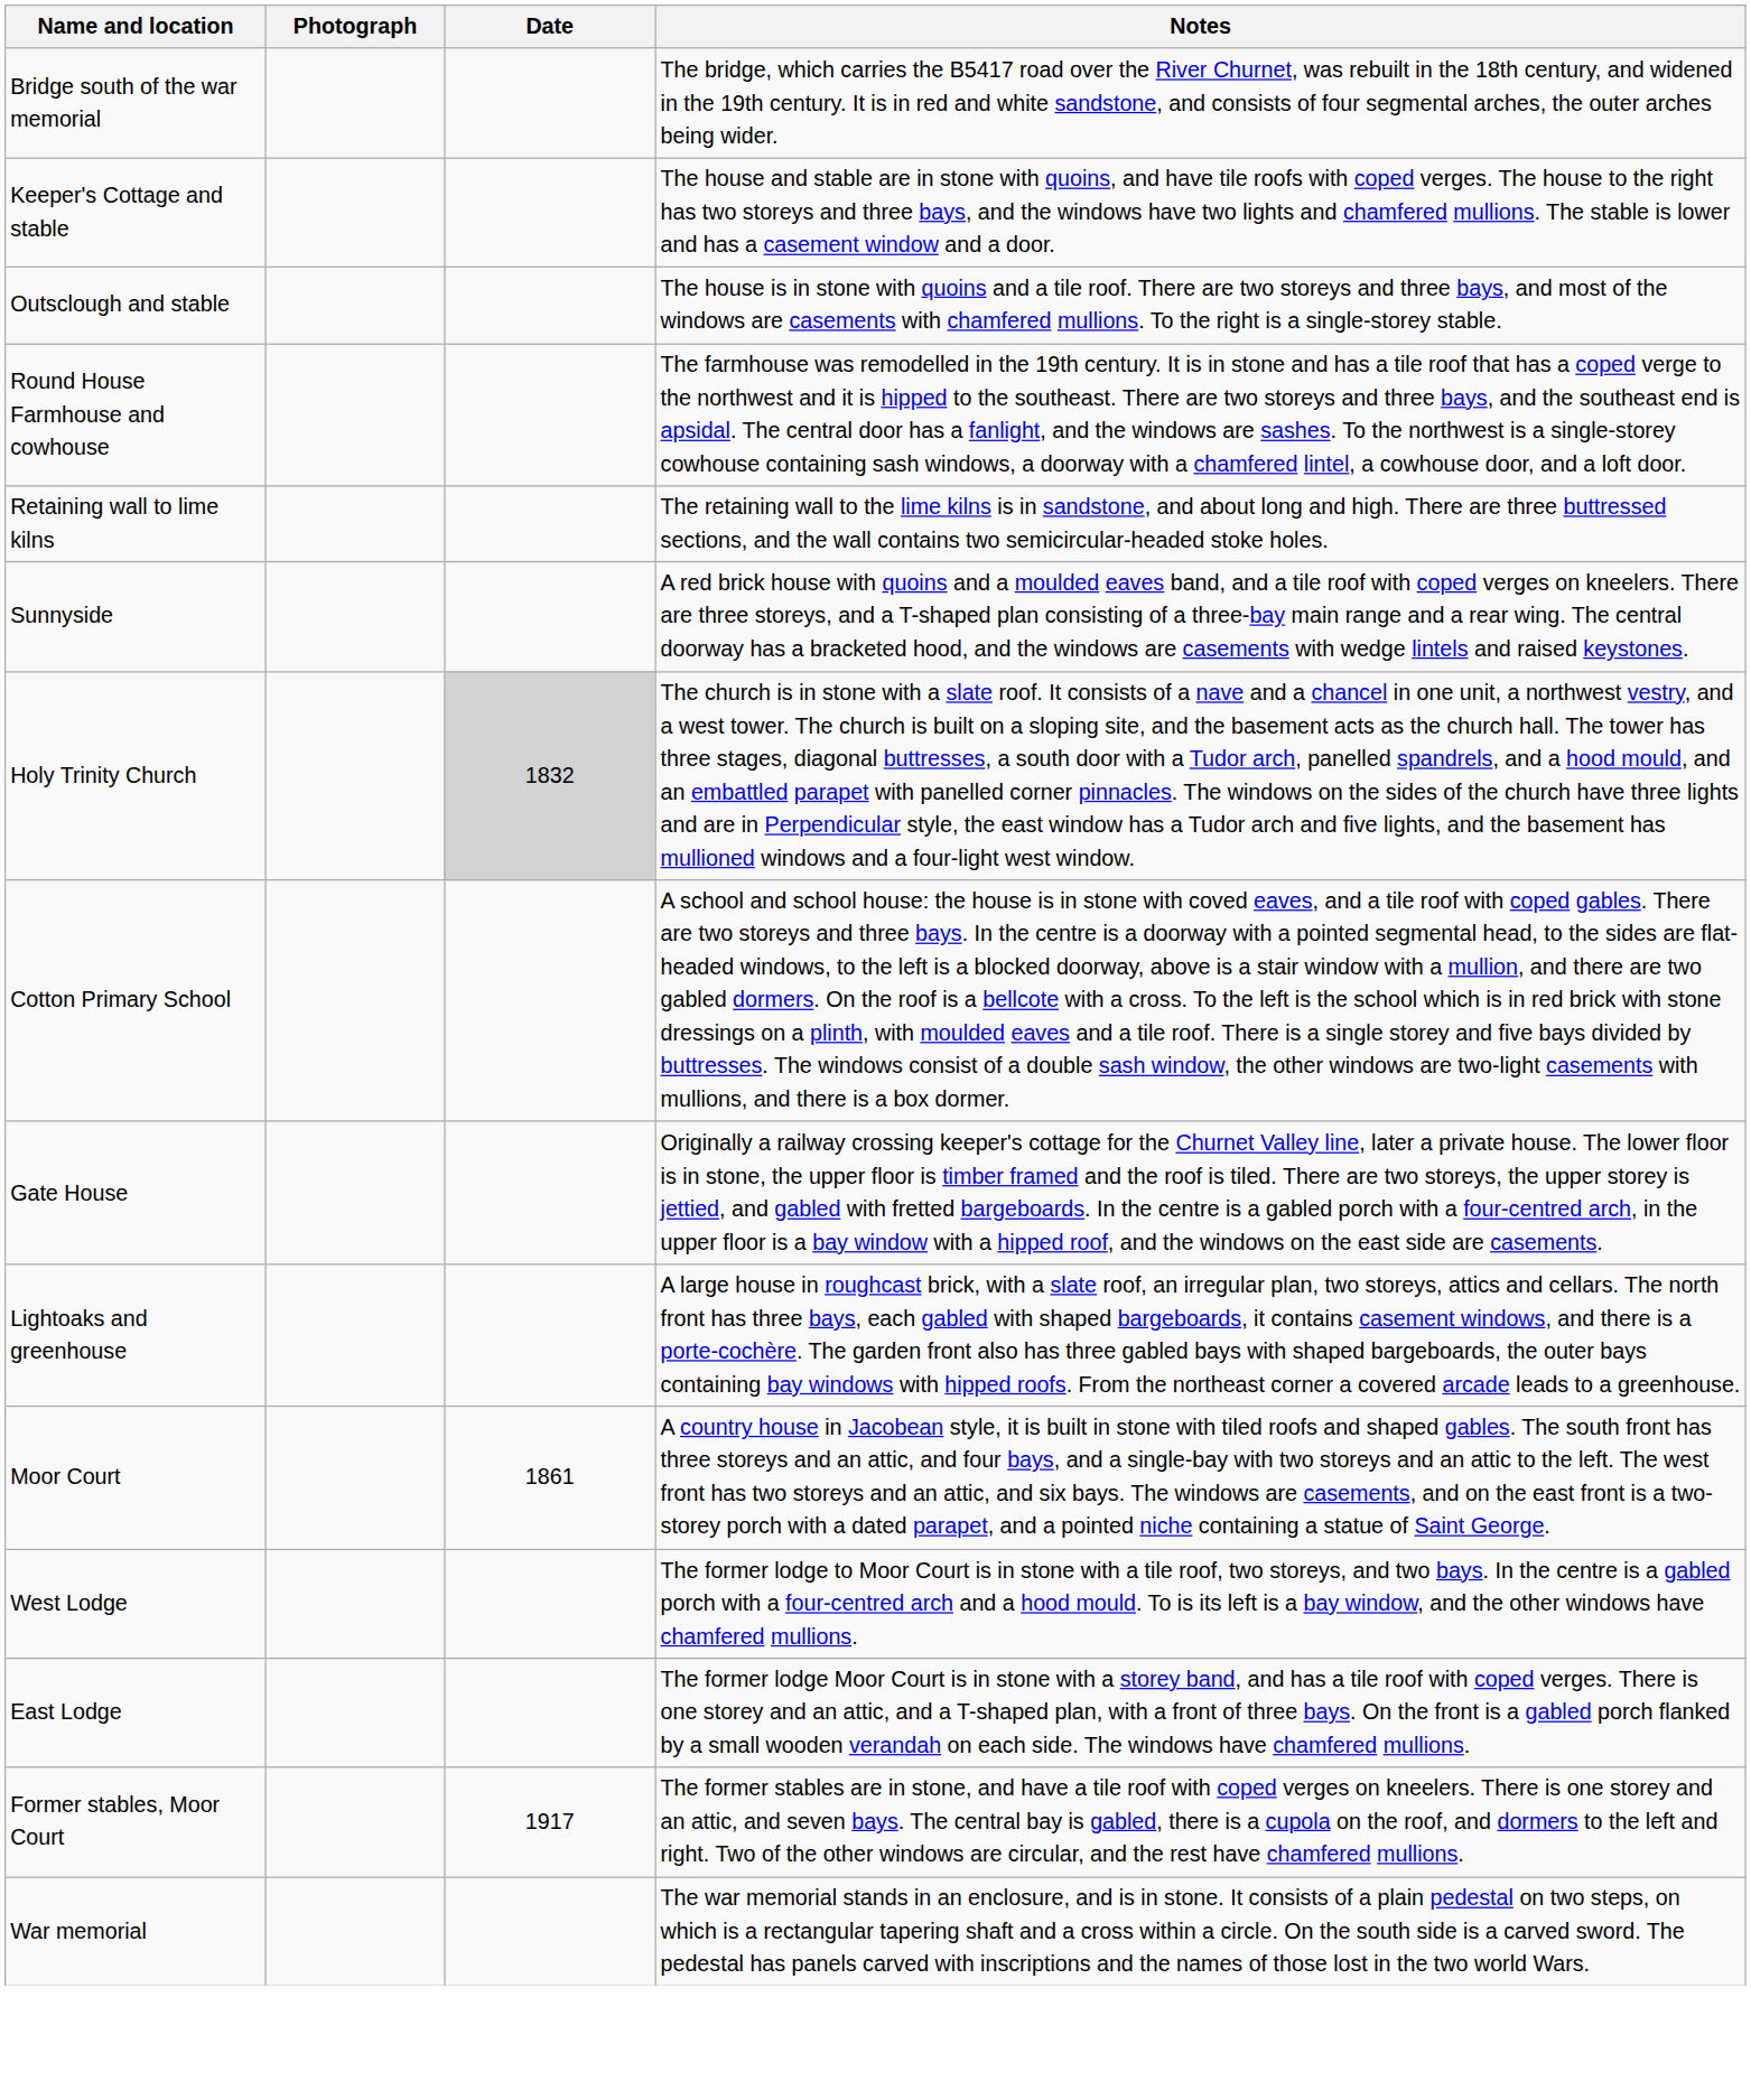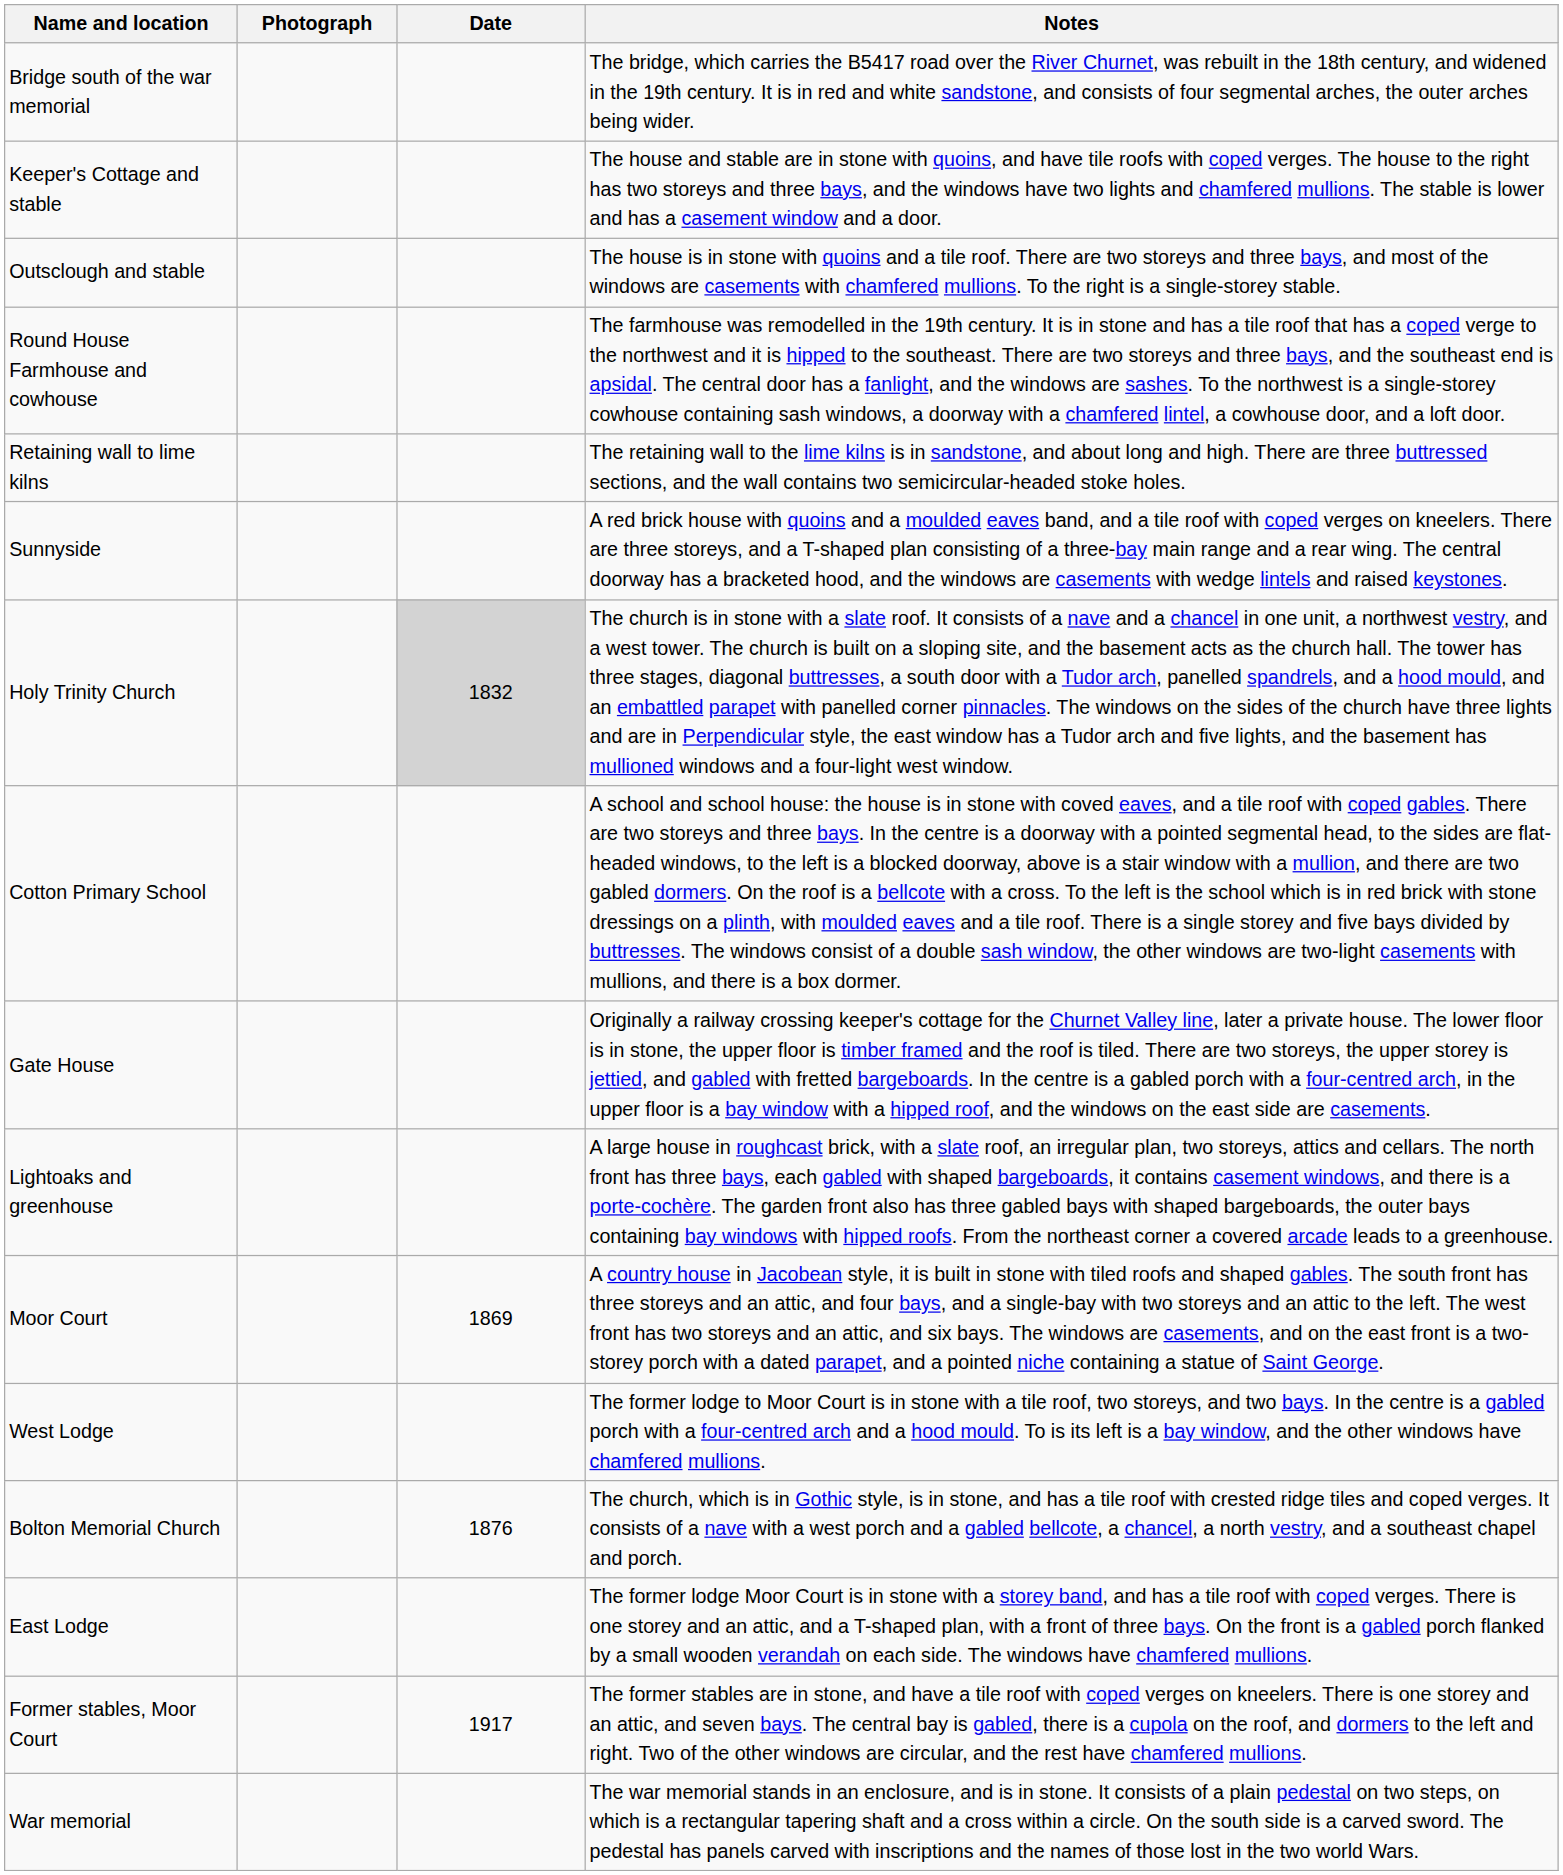 <table class="wikitable sortable plainrowheaders" style="width:100%;border:0px;text-align:left;line-height:150%;">
 <tr>
 <th scope="col"  style="width:150px">Name and location</th>
 <th scope="col"  style="width:100px" class="unsortable">Photograph</th>
 <th scope="col"  style="width:120px">Date</th>
 <th scope="col"  style="width:650px" class="unsortable">Notes</th>
 </tr>
 <tr>
 <td>Bridge south of the war memorial<br><small></small></td>
 <td></td>
 <td align="center"></td>
 <td>The bridge, which carries the B5417 road over the <a href='#'>River Churnet</a>, was rebuilt in the 18th century, and widened in the 19th century.  It is in red and white <a href='#'>sandstone</a>, and consists of four segmental arches, the outer arches being wider.</td>
 </tr>
 <tr>
 <td>Keeper's Cottage and stable<br><small></small></td>
 <td></td>
 <td align="center"></td>
 <td>The house and stable are in stone with <a href='#'>quoins</a>, and have tile roofs with <a href='#'>coped</a> verges.  The house to the right has two storeys and three <a href='#'>bays</a>, and the windows have two lights and <a href='#'>chamfered</a> <a href='#'>mullions</a>.  The stable is lower and has a <a href='#'>casement window</a> and a door.</td>
 </tr>
 <tr>
 <td>Outsclough and stable<br><small></small></td>
 <td></td>
 <td align="center"></td>
 <td>The house is in stone with <a href='#'>quoins</a> and a tile roof.  There are two storeys and three <a href='#'>bays</a>, and most of the windows are <a href='#'>casements</a> with <a href='#'>chamfered</a> <a href='#'>mullions</a>.  To the right is a single-storey stable.</td>
 </tr>
 <tr>
 <td>Round House Farmhouse and cowhouse<br><small></small></td>
 <td></td>
 <td align="center"></td>
 <td>The farmhouse was remodelled in the 19th century.  It is in stone and has a tile roof that has a <a href='#'>coped</a> verge to the northwest and it is <a href='#'>hipped</a> to the southeast.  There are two storeys and three <a href='#'>bays</a>, and the southeast end is <a href='#'>apsidal</a>.  The central door has a <a href='#'>fanlight</a>, and the windows are <a href='#'>sashes</a>.  To the northwest is a single-storey cowhouse containing sash windows, a doorway with a <a href='#'>chamfered</a> <a href='#'>lintel</a>, a cowhouse door, and a loft door.</td>
 </tr>
 <tr>
 <td>Retaining wall to lime kilns<br><small></small></td>
 <td></td>
 <td align="center"></td>
 <td>The retaining wall to the <a href='#'>lime kilns</a> is in <a href='#'>sandstone</a>, and about  long and  high.  There are three <a href='#'>buttressed</a> sections, and the wall contains two semicircular-headed stoke holes.</td>
 </tr>
 <tr>
 <td>Sunnyside<br><small></small></td>
 <td></td>
 <td align="center"></td>
 <td>A red brick house with <a href='#'>quoins</a> and a <a href='#'>moulded</a> <a href='#'>eaves</a> band, and a tile roof with <a href='#'>coped</a> verges on kneelers.  There are three storeys, and a T-shaped plan consisting of a three-<a href='#'>bay</a> main range and a rear wing.  The central doorway has a bracketed hood, and the windows are <a href='#'>casements</a> with wedge <a href='#'>lintels</a> and raised <a href='#'>keystones</a>.</td>
 </tr>
 <tr>
 <td>Holy Trinity Church<br><small></small></td>
 <td></td>
 <td align="center" style="background: lightgrey;">1832</td>
 <td>The church is in stone with a <a href='#'>slate</a> roof.  It consists of a <a href='#'>nave</a> and a <a href='#'>chancel</a> in one unit, a northwest <a href='#'>vestry</a>, and a west tower.  The church is built on a sloping site, and the basement acts as the church hall.  The tower has three stages, diagonal <a href='#'>buttresses</a>, a south door with a <a href='#'>Tudor arch</a>, panelled <a href='#'>spandrels</a>, and a <a href='#'>hood mould</a>, and an <a href='#'>embattled</a> <a href='#'>parapet</a> with panelled corner <a href='#'>pinnacles</a>.  The windows on the sides of the church have three lights and are in <a href='#'>Perpendicular</a> style, the east window has a Tudor arch and five lights, and the basement has <a href='#'>mullioned</a> windows and a four-light west window.</td>
 </tr>
 <tr>
 <td>Cotton Primary School<br><small></small></td>
 <td></td>
 <td align="center"></td>
 <td>A school and school house: the house is in stone with coved <a href='#'>eaves</a>, and a tile roof with <a href='#'>coped</a> <a href='#'>gables</a>.  There are two storeys and three <a href='#'>bays</a>.  In the centre is a doorway with a pointed segmental head, to the sides are flat-headed windows, to the left is a blocked doorway, above is a stair window with a <a href='#'>mullion</a>, and there are two gabled <a href='#'>dormers</a>.  On the roof is a <a href='#'>bellcote</a> with a cross.  To the left is the school which is in red brick with stone dressings on a <a href='#'>plinth</a>, with <a href='#'>moulded</a> <a href='#'>eaves</a> and a tile roof.  There is a single storey and five bays divided by <a href='#'>buttresses</a>.  The windows consist of a double <a href='#'>sash window</a>, the other windows are two-light <a href='#'>casements</a> with mullions, and there is a box dormer.</td>
 </tr>
 <tr>
 <td>Gate House<br><small></small></td>
 <td></td>
 <td align="center"></td>
 <td>Originally a railway crossing keeper's cottage for the <a href='#'>Churnet Valley line</a>, later a private house.  The lower floor is in stone, the upper floor is <a href='#'>timber framed</a> and the roof is tiled.  There are two storeys, the upper storey is <a href='#'>jettied</a>, and <a href='#'>gabled</a> with fretted <a href='#'>bargeboards</a>.  In the centre is a gabled porch with a <a href='#'>four-centred arch</a>, in the upper floor is a <a href='#'>bay window</a> with a <a href='#'>hipped roof</a>, and the windows on the east side are <a href='#'>casements</a>.</td>
 </tr>
 <tr>
 <td>Lightoaks and greenhouse<br><small></small></td>
 <td></td>
 <td align="center"></td>
 <td>A large house in <a href='#'>roughcast</a> brick, with a <a href='#'>slate</a> roof, an irregular plan, two storeys, attics and cellars.  The north front has three <a href='#'>bays</a>, each <a href='#'>gabled</a> with shaped <a href='#'>bargeboards</a>, it contains <a href='#'>casement windows</a>, and there is a <a href='#'>porte-cochère</a>.  The garden front also has three gabled bays with shaped bargeboards, the outer bays containing <a href='#'>bay windows</a> with <a href='#'>hipped roofs</a>.  From the northeast corner a covered <a href='#'>arcade</a> leads to a greenhouse.</td>
 </tr>
 <tr>
 <td>Moor Court<br><small></small></td>
 <td></td>
-<td align="center">1861</td>
+<td align="center">1869</td>
 <td>A <a href='#'>country house</a> in <a href='#'>Jacobean</a> style, it is built in stone with tiled roofs and shaped <a href='#'>gables</a>.  The south front has three storeys and an attic, and four <a href='#'>bays</a>, and a single-bay with two storeys and an attic to the left.  The west front has two storeys and an attic, and six bays.  The windows are <a href='#'>casements</a>, and on the east front is a two-storey porch with a dated <a href='#'>parapet</a>, and a pointed <a href='#'>niche</a> containing a statue of <a href='#'>Saint George</a>.</td>
 </tr>
 <tr>
 <td>West Lodge<br><small></small></td>
 <td></td>
 <td align="center"></td>
 <td>The former lodge to Moor Court is in stone with a tile roof, two storeys, and two <a href='#'>bays</a>.  In the centre is a <a href='#'>gabled</a> porch with a <a href='#'>four-centred arch</a> and a <a href='#'>hood mould</a>.  To is its left is a <a href='#'>bay window</a>, and the other windows have <a href='#'>chamfered</a> <a href='#'>mullions</a>.</td>
+</tr>
+<tr>
+<td>Bolton Memorial Church<br><small></small></td>
+<td></td>
+<td align="center">1876</td>
+<td>The church, which is in <a href='#'>Gothic</a> style, is in stone, and has a tile roof with crested ridge tiles and coped verges.  It consists of a <a href='#'>nave</a> with a west porch and a <a href='#'>gabled</a> <a href='#'>bellcote</a>, a <a href='#'>chancel</a>, a north <a href='#'>vestry</a>, and a southeast chapel and porch.</td>
 </tr>
 <tr>
 <td>East Lodge<br><small></small></td>
 <td></td>
 <td align="center"></td>
 <td>The former lodge Moor Court is in stone with a <a href='#'>storey band</a>, and has a tile roof with <a href='#'>coped</a> verges.  There is one storey and an attic, and a T-shaped plan, with a front of three <a href='#'>bays</a>.  On the front is a <a href='#'>gabled</a> porch flanked by a small wooden <a href='#'>verandah</a> on each side.  The windows have <a href='#'>chamfered</a> <a href='#'>mullions</a>.</td>
 </tr>
 <tr>
 <td>Former stables, Moor Court<br><small></small></td>
 <td></td>
 <td align="center">1917</td>
 <td>The former stables are in stone, and have a tile roof with <a href='#'>coped</a> verges on kneelers.  There is one storey and an attic, and seven <a href='#'>bays</a>.  The central bay is <a href='#'>gabled</a>, there is a <a href='#'>cupola</a> on the roof, and <a href='#'>dormers</a> to the left and right.  Two of the other windows are circular, and the rest have <a href='#'>chamfered</a> <a href='#'>mullions</a>.</td>
 </tr>
 <tr>
 <td>War memorial<br><small></small></td>
 <td></td>
 <td align="center"></td>
 <td>The war memorial stands in an enclosure, and is in stone.  It consists of a plain <a href='#'>pedestal</a> on two steps, on which is a rectangular tapering shaft and a cross within a circle.  On the south side is a carved sword.  The pedestal has panels carved with inscriptions and the names of those lost in the two world Wars.</td>
 </tr>
 <tr>
 </tr>
 </table>
